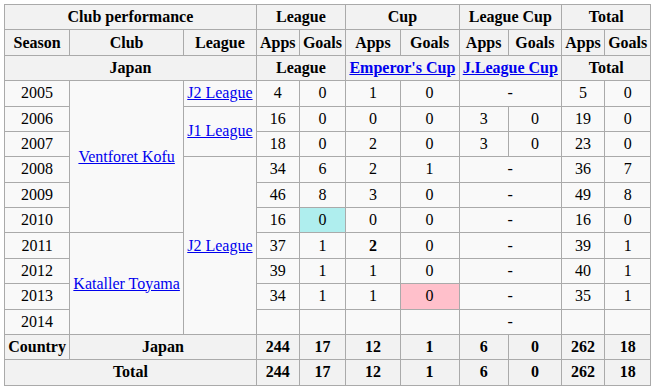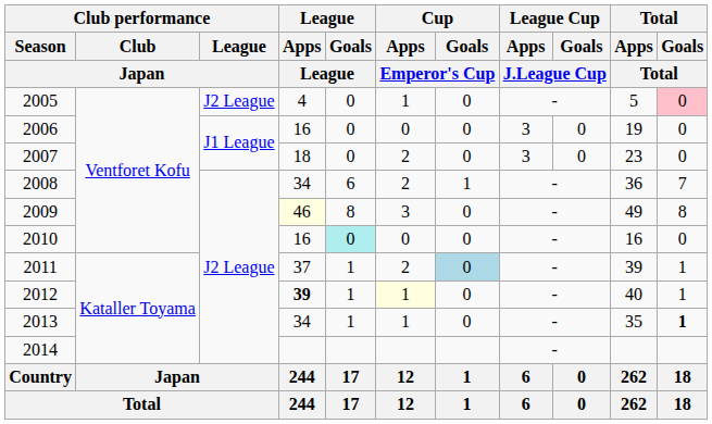 <table class="wikitable" style="text-align:center;">
 <tr>
 <th colspan=3>Club performance</th>
 <th colspan=2>League</th>
 <th colspan=2>Cup</th>
 <th colspan=2>League Cup</th>
 <th colspan=2>Total</th>
 </tr>
 <tr>
 <th>Season</th>
 <th>Club</th>
 <th>League</th>
 <th>Apps</th>
 <th>Goals</th>
 <th>Apps</th>
 <th>Goals</th>
 <th>Apps</th>
 <th>Goals</th>
 <th>Apps</th>
 <th>Goals</th>
 </tr>
 <tr>
 <th colspan=3>Japan</th>
 <th colspan=2>League</th>
 <th colspan=2><a href='#'>Emperor's Cup</a></th>
 <th colspan=2><a href='#'>J.League Cup</a></th>
 <th colspan=2>Total</th>
 </tr>
 <tr>
 <td>2005</td>
 <td rowspan="6"><a href='#'>Ventforet Kofu</a></td>
 <td><a href='#'>J2 League</a></td>
 <td>4</td>
 <td>0</td>
 <td>1</td>
 <td>0</td>
 <td colspan="2">-</td>
 <td>5</td>
-<td>0</td>
+<td style="background: pink;">0</td>
 </tr>
 <tr>
 <td>2006</td>
 <td rowspan="2"><a href='#'>J1 League</a></td>
 <td>16</td>
 <td>0</td>
 <td>0</td>
 <td>0</td>
 <td>3</td>
 <td>0</td>
 <td>19</td>
 <td>0</td>
 </tr>
 <tr>
 <td>2007</td>
 <td>18</td>
 <td>0</td>
 <td>2</td>
 <td>0</td>
 <td>3</td>
 <td>0</td>
 <td>23</td>
 <td>0</td>
 </tr>
 <tr>
 <td>2008</td>
 <td rowspan="7"><a href='#'>J2 League</a></td>
 <td>34</td>
 <td>6</td>
 <td>2</td>
 <td>1</td>
 <td colspan="2">-</td>
 <td>36</td>
 <td>7</td>
 </tr>
 <tr>
 <td>2009</td>
-<td>46</td>
+<td style="background: lightyellow;">46</td>
 <td>8</td>
 <td>3</td>
 <td>0</td>
 <td colspan="2">-</td>
 <td>49</td>
 <td>8</td>
 </tr>
 <tr>
 <td>2010</td>
 <td>16</td>
 <td style="background: paleturquoise;">0</td>
 <td>0</td>
 <td>0</td>
 <td colspan="2">-</td>
 <td>16</td>
 <td>0</td>
 </tr>
 <tr>
 <td>2011</td>
 <td rowspan="4"><a href='#'>Kataller Toyama</a></td>
 <td>37</td>
 <td>1</td>
-<td><strong>2</strong></td>
-<td>0</td>
+<td>2</td>
+<td style="background: lightblue;">0</td>
 <td colspan="2">-</td>
 <td>39</td>
 <td>1</td>
 </tr>
 <tr>
 <td>2012</td>
-<td>39</td>
+<td><strong>39</strong></td>
 <td>1</td>
-<td>1</td>
+<td style="background: lightyellow;">1</td>
 <td>0</td>
 <td colspan="2">-</td>
 <td>40</td>
 <td>1</td>
 </tr>
 <tr>
 <td>2013</td>
 <td>34</td>
 <td>1</td>
 <td>1</td>
-<td style="background: pink;">0</td>
+<td>0</td>
 <td colspan="2">-</td>
 <td>35</td>
-<td>1</td>
+<td><strong>1</strong></td>
 </tr>
 <tr>
 <td>2014</td>
 <td></td>
 <td></td>
 <td></td>
 <td></td>
 <td colspan="2">-</td>
 <td></td>
 <td></td>
 </tr>
 <tr>
 <th rowspan=1>Country</th>
 <th colspan=2>Japan</th>
 <th>244</th>
 <th>17</th>
 <th>12</th>
 <th>1</th>
 <th>6</th>
 <th>0</th>
 <th>262</th>
 <th>18</th>
 </tr>
 <tr>
 <th colspan=3>Total</th>
 <th>244</th>
 <th>17</th>
 <th>12</th>
 <th>1</th>
 <th>6</th>
 <th>0</th>
 <th>262</th>
 <th>18</th>
 </tr>
 </table>
